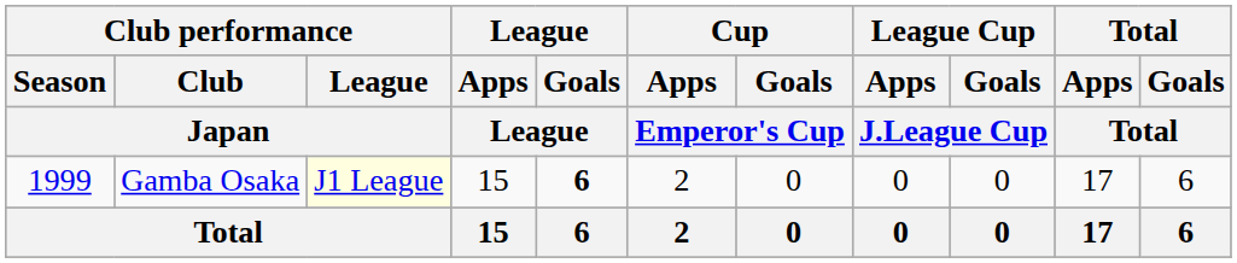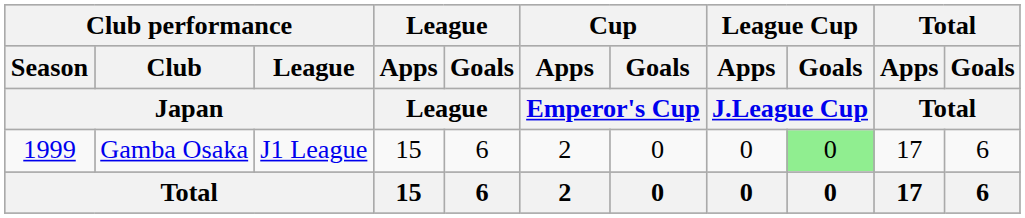 <table class="wikitable" style="text-align:center;">
 <tr>
 <th colspan=3>Club performance</th>
 <th colspan=2>League</th>
 <th colspan=2>Cup</th>
 <th colspan=2>League Cup</th>
 <th colspan=2>Total</th>
 </tr>
 <tr>
 <th>Season</th>
 <th>Club</th>
 <th>League</th>
 <th>Apps</th>
 <th>Goals</th>
 <th>Apps</th>
 <th>Goals</th>
 <th>Apps</th>
 <th>Goals</th>
 <th>Apps</th>
 <th>Goals</th>
 </tr>
 <tr>
 <th colspan=3>Japan</th>
 <th colspan=2>League</th>
 <th colspan=2><a href='#'>Emperor's Cup</a></th>
 <th colspan=2><a href='#'>J.League Cup</a></th>
 <th colspan=2>Total</th>
 </tr>
 <tr>
 <td><a href='#'>1999</a></td>
 <td><a href='#'>Gamba Osaka</a></td>
-<td style="background: lightyellow;"><a href='#'>J1 League</a></td>
+<td><a href='#'>J1 League</a></td>
 <td>15</td>
-<td><strong>6</strong></td>
+<td>6</td>
 <td>2</td>
 <td>0</td>
 <td>0</td>
-<td>0</td>
+<td style="background: lightgreen;">0</td>
 <td>17</td>
 <td>6</td>
 </tr>
 <tr>
 <th colspan=3>Total</th>
 <th>15</th>
 <th>6</th>
 <th>2</th>
 <th>0</th>
 <th>0</th>
 <th>0</th>
 <th>17</th>
 <th>6</th>
 </tr>
 </table>
